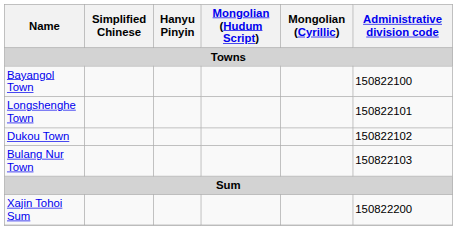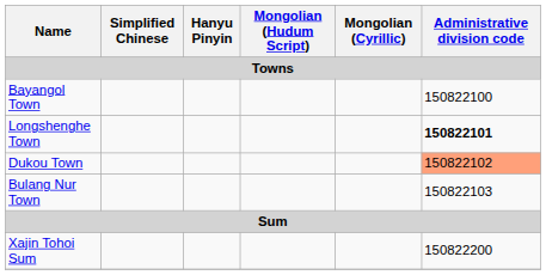 <table class="wikitable" align="center" style="width:50%; border="1">
 <tr>
 <th>Name</th>
 <th>Simplified Chinese</th>
 <th>Hanyu Pinyin</th>
 <th><a href='#'>Mongolian</a> (<a href='#'>Hudum Script</a>)</th>
 <th>Mongolian (<a href='#'>Cyrillic</a>)</th>
 <th><a href='#'>Administrative division code</a></th>
 </tr>
 <tr>
 <td colspan="6"  style="text-align:center; background:#d3d3d3;"><strong>Towns</strong></td>
 </tr>
 <tr --------->
 <td><a href='#'>Bayangol Town</a></td>
 <td></td>
 <td></td>
 <td></td>
 <td></td>
 <td>150822100</td>
 </tr>
 <tr>
 <td><a href='#'>Longshenghe Town</a></td>
 <td></td>
 <td></td>
 <td></td>
 <td></td>
-<td>150822101</td>
+<td><strong>150822101</strong></td>
 </tr>
 <tr>
 <td><a href='#'>Dukou Town</a></td>
 <td></td>
 <td></td>
 <td></td>
 <td></td>
-<td>150822102</td>
+<td style="background: lightsalmon;">150822102</td>
 </tr>
 <tr>
 <td><a href='#'>Bulang Nur Town</a></td>
 <td></td>
 <td></td>
 <td></td>
 <td></td>
 <td>150822103</td>
 </tr>
 <tr>
 <td colspan="6"  style="text-align:center; background:#d3d3d3;"><strong>Sum</strong></td>
 </tr>
 <tr --------->
 <td><a href='#'>Xajin Tohoi Sum</a></td>
 <td></td>
 <td></td>
 <td></td>
 <td></td>
 <td>150822200</td>
 </tr>
 <tr>
 </tr>
 </table>
